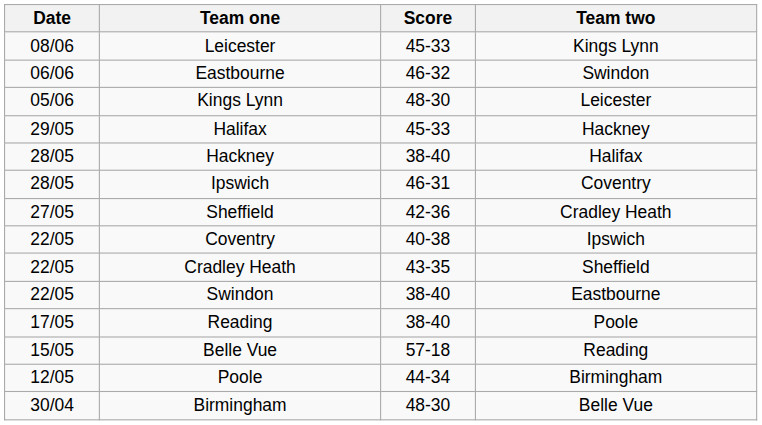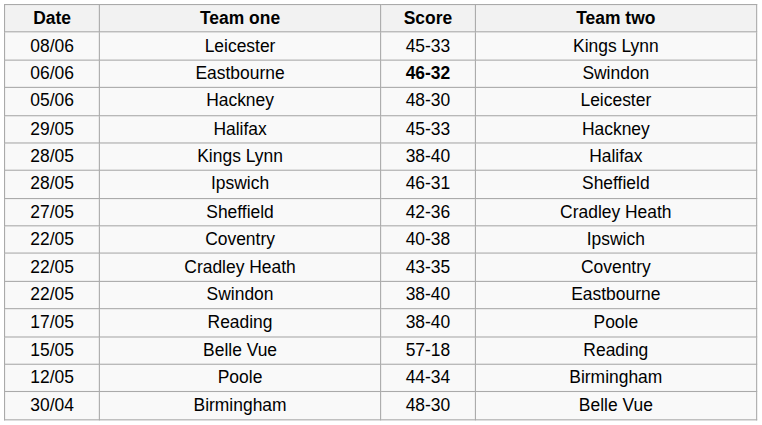 <table class="wikitable" style="text-align: center">
 <tr>
 <th width=80>Date</th>
 <th width=250>Team one</th>
 <th width=80>Score</th>
 <th width=250>Team two</th>
 </tr>
 <tr>
 <td>08/06</td>
 <td>Leicester</td>
 <td>45-33</td>
 <td>Kings Lynn</td>
 </tr>
 <tr>
 <td>06/06</td>
 <td>Eastbourne</td>
-<td>46-32</td>
+<td><strong>46-32</strong></td>
 <td>Swindon</td>
 </tr>
 <tr>
 <td>05/06</td>
-<td>Kings Lynn</td>
+<td>Hackney</td>
 <td>48-30</td>
 <td>Leicester</td>
 </tr>
 <tr>
 <td>29/05</td>
 <td>Halifax</td>
 <td>45-33</td>
 <td>Hackney</td>
 </tr>
 <tr>
 <td>28/05</td>
-<td>Hackney</td>
+<td>Kings Lynn</td>
 <td>38-40</td>
 <td>Halifax</td>
 </tr>
 <tr>
 <td>28/05</td>
 <td>Ipswich</td>
 <td>46-31</td>
-<td>Coventry</td>
+<td>Sheffield</td>
 </tr>
 <tr>
 <td>27/05</td>
 <td>Sheffield</td>
 <td>42-36</td>
 <td>Cradley Heath</td>
 </tr>
 <tr>
 <td>22/05</td>
 <td>Coventry</td>
 <td>40-38</td>
 <td>Ipswich</td>
 </tr>
 <tr>
 <td>22/05</td>
 <td>Cradley Heath</td>
 <td>43-35</td>
-<td>Sheffield</td>
+<td>Coventry</td>
 </tr>
 <tr>
 <td>22/05</td>
 <td>Swindon</td>
 <td>38-40</td>
 <td>Eastbourne</td>
 </tr>
 <tr>
 <td>17/05</td>
 <td>Reading</td>
 <td>38-40</td>
 <td>Poole</td>
 </tr>
 <tr>
 <td>15/05</td>
 <td>Belle Vue</td>
 <td>57-18</td>
 <td>Reading</td>
 </tr>
 <tr>
 <td>12/05</td>
 <td>Poole</td>
 <td>44-34</td>
 <td>Birmingham</td>
 </tr>
 <tr>
 <td>30/04</td>
 <td>Birmingham</td>
 <td>48-30</td>
 <td>Belle Vue</td>
 </tr>
 </table>
